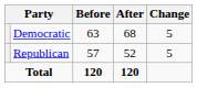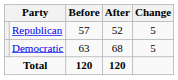 <table class="wikitable" style="text-align:center;">
 <tr>
 <th colspan="2">Party</th>
 <th>Before</th>
 <th>After</th>
 <th>Change</th>
 </tr>
 <tr>
 <th style="background-color:"></th>
-<td style="text-align:left;"><a href='#'>Democratic</a></td>
-<td>63</td>
-<td>68</td>
+<td style="text-align:left;"><a href='#'>Republican</a></td>
+<td>57</td>
+<td>52</td>
 <td> 5</td>
 </tr>
 <tr>
 <th style="background-color:"></th>
-<td style="text-align:left;"><a href='#'>Republican</a></td>
-<td>57</td>
-<td>52</td>
+<td style="text-align:left;"><a href='#'>Democratic</a></td>
+<td>63</td>
+<td>68</td>
 <td> 5</td>
 </tr>
 <tr>
 <td colspan="2"><strong>Total</strong></td>
 <td><strong>120</strong></td>
 <td><strong>120</strong></td>
 <td></td>
 </tr>
 </table>
